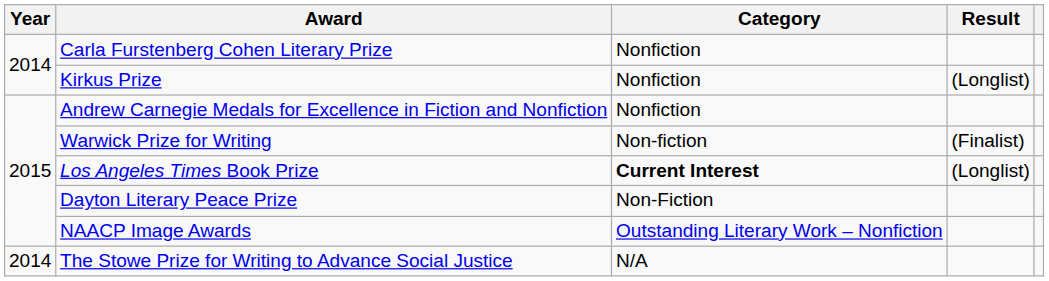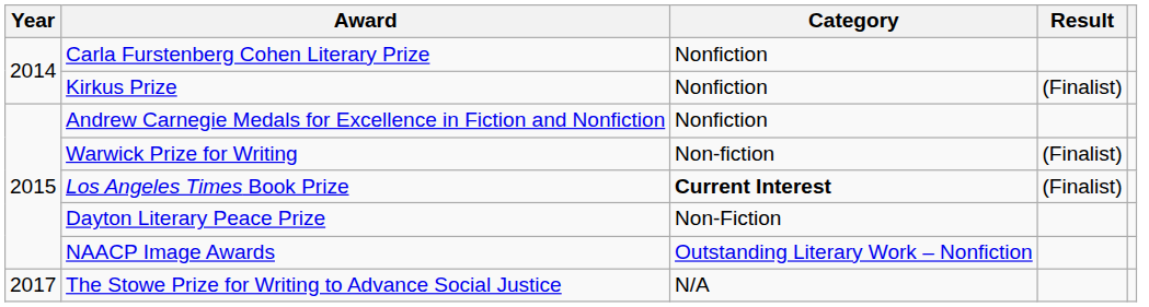 <table class="wikitable sortable">
 <tr>
 <th>Year</th>
 <th>Award</th>
 <th>Category</th>
 <th>Result</th>
 <th class="unsortable"></th>
 </tr>
 <tr>
 <td rowspan="2">2014</td>
 <td><a href='#'>Carla Furstenberg Cohen Literary Prize</a></td>
 <td>Nonfiction</td>
 <td></td>
 <td></td>
 </tr>
 <tr>
 <td><a href='#'>Kirkus Prize</a></td>
 <td>Nonfiction</td>
-<td> (Longlist)</td>
+<td> (Finalist)</td>
 <td></td>
 </tr>
 <tr>
 <td rowspan="5">2015</td>
 <td><a href='#'>Andrew Carnegie Medals for Excellence in Fiction and Nonfiction</a></td>
 <td>Nonfiction</td>
 <td></td>
 <td></td>
 </tr>
 <tr>
 <td><a href='#'>Warwick Prize for Writing</a></td>
 <td>Non-fiction</td>
 <td> (Finalist)</td>
 <td></td>
 </tr>
 <tr>
 <td><a href='#'><em>Los Angeles Times</em> Book Prize</a></td>
 <td><strong>Current Interest</strong></td>
-<td> (Longlist)</td>
+<td> (Finalist)</td>
 <td></td>
 </tr>
 <tr>
 <td><a href='#'>Dayton Literary Peace Prize</a></td>
 <td>Non-Fiction</td>
 <td></td>
 <td></td>
 </tr>
 <tr>
 <td><a href='#'>NAACP Image Awards</a></td>
 <td><a href='#'>Outstanding Literary Work – Nonfiction</a></td>
 <td></td>
 <td></td>
 </tr>
 <tr>
-<td>2014</td>
+<td>2017</td>
 <td><a href='#'>The Stowe Prize for Writing to Advance Social Justice</a></td>
 <td>N/A</td>
 <td></td>
 <td></td>
 </tr>
 </table>
